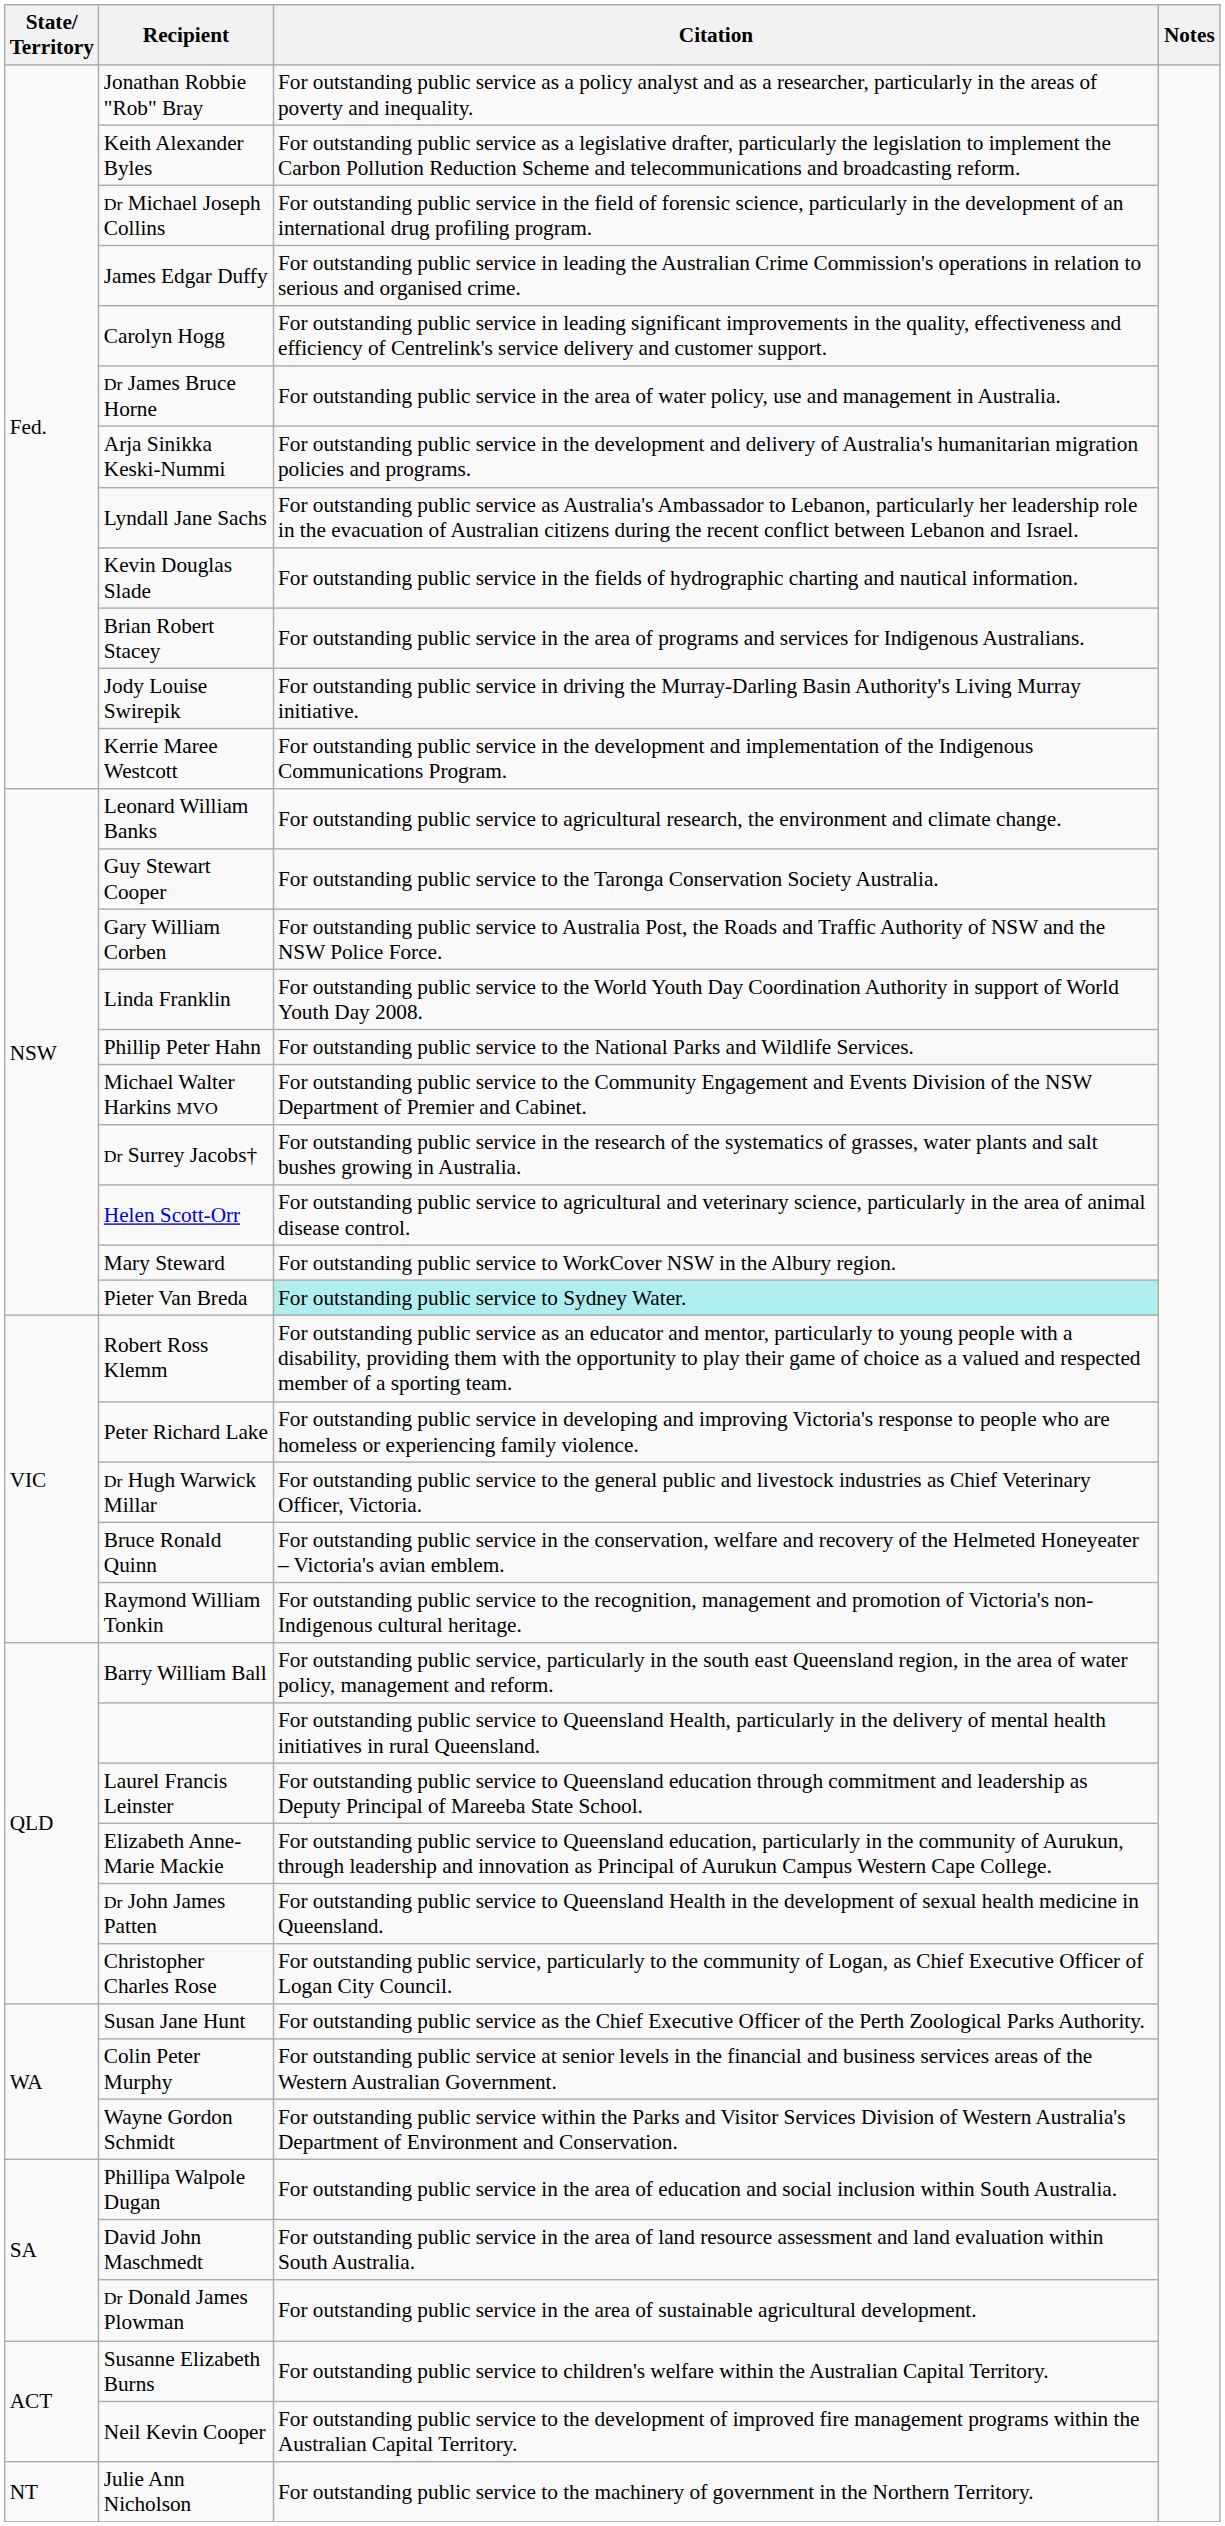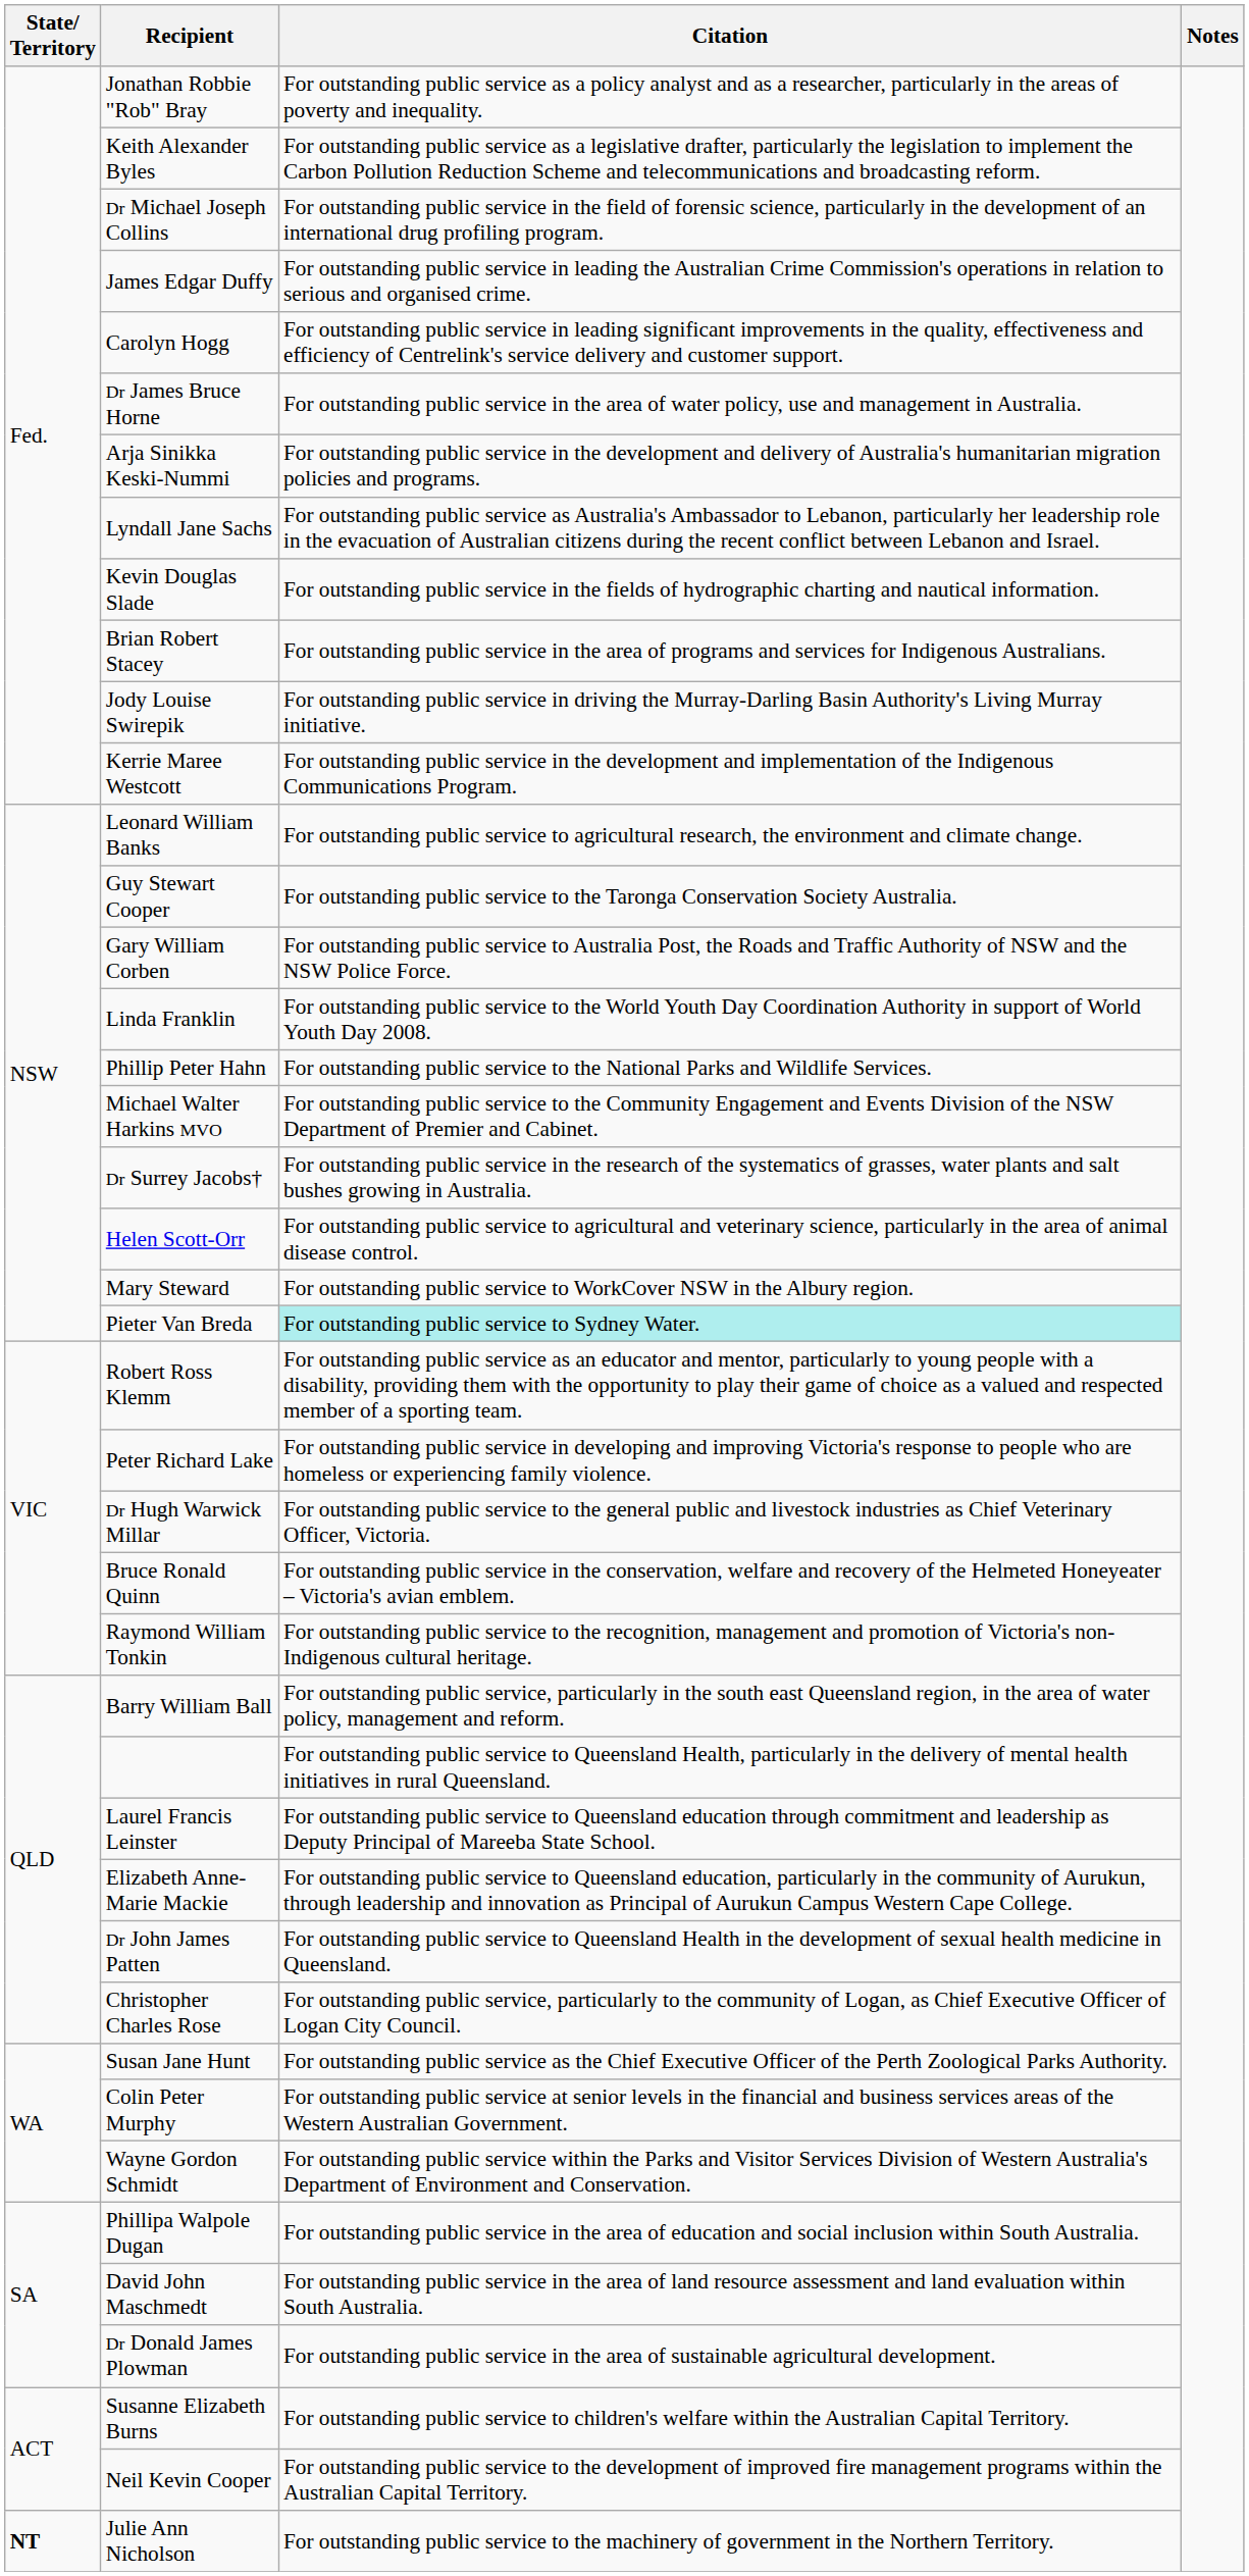 <table class="wikitable" style="font-size:95%;">
 <tr>
 <th>State/<br>Territory</th>
 <th>Recipient</th>
 <th>Citation</th>
 <th>Notes</th>
 </tr>
 <tr>
 <td rowspan=12>Fed.</td>
 <td>Jonathan Robbie "Rob" Bray</td>
 <td>For outstanding public service as a policy analyst and as a researcher, particularly in the areas of poverty and inequality.</td>
 <td rowspan=50></td>
 </tr>
 <tr>
 <td>Keith Alexander Byles</td>
 <td>For outstanding public service as a legislative drafter, particularly the legislation to implement the Carbon Pollution Reduction Scheme and telecommunications and broadcasting reform.</td>
 </tr>
 <tr>
 <td><small>Dr</small> Michael Joseph Collins</td>
 <td>For outstanding public service in the field of forensic science, particularly in the development of an international drug profiling program.</td>
 </tr>
 <tr>
 <td>James Edgar Duffy</td>
 <td>For outstanding public service in leading the Australian Crime Commission's operations in relation to serious and organised crime.</td>
 </tr>
 <tr>
 <td>Carolyn Hogg</td>
 <td>For outstanding public service in leading significant improvements in the quality, effectiveness and efficiency of Centrelink's service delivery and customer support.</td>
 </tr>
 <tr>
 <td><small>Dr</small> James Bruce Horne</td>
 <td>For outstanding public service in the area of water policy, use and management in Australia.</td>
 </tr>
 <tr>
 <td>Arja Sinikka Keski-Nummi</td>
 <td>For outstanding public service in the development and delivery of Australia's humanitarian migration policies and programs.</td>
 </tr>
 <tr>
 <td>Lyndall Jane Sachs</td>
 <td>For outstanding public service as Australia's Ambassador to Lebanon, particularly her leadership role in the evacuation of Australian citizens during the recent conflict between Lebanon and Israel.</td>
 </tr>
 <tr>
 <td>Kevin Douglas Slade</td>
 <td>For outstanding public service in the fields of hydrographic charting and nautical information.</td>
 </tr>
 <tr>
 <td>Brian Robert Stacey</td>
 <td>For outstanding public service in the area of programs and services for Indigenous Australians.</td>
 </tr>
 <tr>
 <td>Jody Louise Swirepik</td>
 <td>For outstanding public service in driving the Murray-Darling Basin Authority's Living Murray initiative.</td>
 </tr>
 <tr>
 <td>Kerrie Maree Westcott</td>
 <td>For outstanding public service in the development and implementation of the Indigenous Communications Program.</td>
 </tr>
 <tr>
 <td rowspan=10>NSW</td>
 <td>Leonard William Banks</td>
 <td>For outstanding public service to agricultural research, the environment and climate change.</td>
 </tr>
 <tr>
 <td>Guy Stewart Cooper</td>
 <td>For outstanding public service to the Taronga Conservation Society Australia.</td>
 </tr>
 <tr>
 <td>Gary William Corben</td>
 <td>For outstanding public service to Australia Post, the Roads and Traffic Authority of NSW and the NSW Police Force.</td>
 </tr>
 <tr>
 <td>Linda Franklin</td>
 <td>For outstanding public service to the World Youth Day Coordination Authority in support of World Youth Day 2008.</td>
 </tr>
 <tr>
 <td>Phillip Peter Hahn</td>
 <td>For outstanding public service to the National Parks and Wildlife Services.</td>
 </tr>
 <tr>
 <td>Michael Walter Harkins <small>MVO</small></td>
 <td>For outstanding public service to the Community Engagement and Events Division of the NSW Department of Premier and Cabinet.</td>
 </tr>
 <tr>
 <td><small>Dr</small> Surrey Jacobs†</td>
 <td>For outstanding public service in the research of the systematics of grasses, water plants and salt bushes growing in Australia.</td>
 </tr>
 <tr>
 <td><a href='#'>Helen Scott-Orr</a></td>
 <td>For outstanding public service to agricultural and veterinary science, particularly in the area of animal disease control.</td>
 </tr>
 <tr>
 <td>Mary Steward</td>
 <td>For outstanding public service to WorkCover NSW in the Albury region.</td>
 </tr>
 <tr>
 <td>Pieter Van Breda</td>
 <td style="background: paleturquoise;">For outstanding public service to Sydney Water.</td>
 </tr>
 <tr>
 <td rowspan=5>VIC</td>
 <td>Robert Ross Klemm</td>
 <td>For outstanding public service as an educator and mentor, particularly to young people with a disability, providing them with the opportunity to play their game of choice as a valued and respected member of a sporting team.</td>
 </tr>
 <tr>
 <td>Peter Richard Lake</td>
 <td>For outstanding public service in developing and improving Victoria's response to people who are homeless or experiencing family violence.</td>
 </tr>
 <tr>
 <td><small>Dr</small> Hugh Warwick Millar</td>
 <td>For outstanding public service to the general public and livestock industries as Chief Veterinary Officer, Victoria.</td>
 </tr>
 <tr>
 <td>Bruce Ronald Quinn</td>
 <td>For outstanding public service in the conservation, welfare and recovery of the Helmeted Honeyeater – Victoria's avian emblem.</td>
 </tr>
 <tr>
 <td>Raymond William Tonkin</td>
 <td>For outstanding public service to the recognition, management and promotion of Victoria's non-Indigenous cultural heritage.</td>
 </tr>
 <tr>
 <td rowspan=6>QLD</td>
 <td>Barry William Ball</td>
 <td>For outstanding public service, particularly in the south east Queensland region, in the area of water policy, management and reform.</td>
 </tr>
 <tr>
 <td></td>
 <td>For outstanding public service to Queensland Health, particularly in the delivery of mental health initiatives in rural Queensland.</td>
 </tr>
 <tr>
 <td>Laurel Francis Leinster</td>
 <td>For outstanding public service to Queensland education through commitment and leadership as Deputy Principal of Mareeba State School.</td>
 </tr>
 <tr>
 <td>Elizabeth Anne-Marie Mackie</td>
 <td>For outstanding public service to Queensland education, particularly in the community of Aurukun, through leadership and innovation as Principal of Aurukun Campus Western Cape College.</td>
 </tr>
 <tr>
 <td><small>Dr</small> John James Patten</td>
 <td>For outstanding public service to Queensland Health in the development of sexual health medicine in Queensland.</td>
 </tr>
 <tr>
 <td>Christopher Charles Rose</td>
 <td>For outstanding public service, particularly to the community of Logan, as Chief Executive Officer of Logan City Council.</td>
 </tr>
 <tr>
 <td rowspan=3>WA</td>
 <td>Susan Jane Hunt</td>
 <td>For outstanding public service as the Chief Executive Officer of the Perth Zoological Parks Authority.</td>
 </tr>
 <tr>
 <td>Colin Peter Murphy</td>
 <td>For outstanding public service at senior levels in the financial and business services areas of the Western Australian Government.</td>
 </tr>
 <tr>
 <td>Wayne Gordon Schmidt</td>
 <td>For outstanding public service within the Parks and Visitor Services Division of Western Australia's Department of Environment and Conservation.</td>
 </tr>
 <tr>
 <td rowspan=3>SA</td>
 <td>Phillipa Walpole Dugan</td>
 <td>For outstanding public service in the area of education and social inclusion within South Australia.</td>
 </tr>
 <tr>
 <td>David John Maschmedt</td>
 <td>For outstanding public service in the area of land resource assessment and land evaluation within South Australia.</td>
 </tr>
 <tr>
 <td><small>Dr</small> Donald James Plowman</td>
 <td>For outstanding public service in the area of sustainable agricultural development.</td>
 </tr>
 <tr>
 <td rowspan=2>ACT</td>
 <td>Susanne Elizabeth Burns</td>
 <td>For outstanding public service to children's welfare within the Australian Capital Territory.</td>
 </tr>
 <tr>
 <td>Neil Kevin Cooper</td>
 <td>For outstanding public service to the development of improved fire management programs within the Australian Capital Territory.</td>
 </tr>
 <tr>
-<td>NT</td>
+<td><strong>NT</strong></td>
 <td>Julie Ann Nicholson</td>
 <td>For outstanding public service to the machinery of government in the Northern Territory.</td>
 </tr>
 </table>
